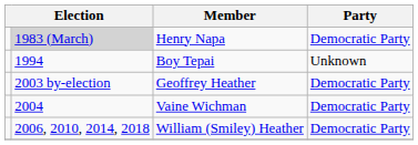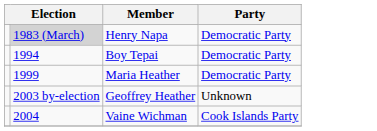 <table class="wikitable">
 <tr>
 <th colspan="2">Election</th>
 <th>Member</th>
 <th>Party</th>
 </tr>
 <tr>
 <td style="background-color: "></td>
 <td style="background: lightgrey;"><a href='#'>1983 (March)</a></td>
 <td><a href='#'>Henry Napa</a></td>
 <td><a href='#'>Democratic Party</a></td>
 </tr>
 <tr>
 <td style="background-color: "></td>
 <td><a href='#'>1994</a></td>
 <td><a href='#'>Boy Tepai</a></td>
-<td>Unknown</td>
+<td><a href='#'>Democratic Party</a></td>
+</tr>
+<tr>
+<td style="background-color: "></td>
+<td><a href='#'>1999</a></td>
+<td><a href='#'>Maria Heather</a></td>
+<td><a href='#'>Democratic Party</a></td>
 </tr>
 <tr>
 <td style="background-color: "></td>
 <td><a href='#'>2003 by-election</a></td>
 <td><a href='#'>Geoffrey Heather</a></td>
-<td><a href='#'>Democratic Party</a></td>
+<td>Unknown</td>
 </tr>
 <tr>
 <td style="background-color: "></td>
 <td><a href='#'>2004</a></td>
 <td><a href='#'>Vaine Wichman</a></td>
-<td><a href='#'>Democratic Party</a></td>
-</tr>
-<tr>
-<td style="background-color: "></td>
-<td><a href='#'>2006</a>, <a href='#'>2010</a>, <a href='#'>2014</a>, <a href='#'>2018</a></td>
-<td><a href='#'>William (Smiley) Heather</a></td>
-<td><a href='#'>Democratic Party</a></td>
+<td><a href='#'>Cook Islands Party</a></td>
 </tr>
 <tr>
 </tr>
 </table>
